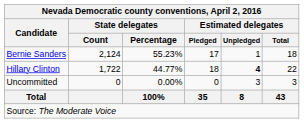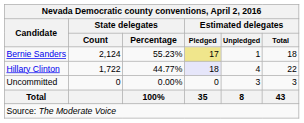 <table class="wikitable" style="text-align:right; font-size:12px;">
 <tr>
 <th colspan="6">Nevada Democratic county conventions, April 2, 2016</th>
 </tr>
 <tr>
 <th rowspan="2">Candidate</th>
 <th colspan="2">State delegates</th>
 <th colspan="3">Estimated delegates</th>
 </tr>
 <tr>
 <th style="width:70px;">Count</th>
 <th style="width:80px;">Percentage</th>
 <th style="width:45px;"><small>Pledged</small></th>
 <th style="width:45px;"><small>Unpledged</small></th>
 <th style="width:45px;"><small>Total</small></th>
 </tr>
 <tr>
 <td style="text-align:left;"><a href='#'>Bernie Sanders</a></td>
 <td>2,124</td>
 <td>55.23%</td>
-<td>17</td>
+<td style="background: khaki;">17</td>
 <td>1</td>
 <td>18</td>
 </tr>
 <tr>
 <td style="text-align:left;"><a href='#'>Hillary Clinton</a></td>
 <td>1,722</td>
 <td>44.77%</td>
-<td>18</td>
-<td><strong>4</strong></td>
+<td style="background: lavender;">18</td>
+<td>4</td>
 <td>22</td>
 </tr>
 <tr>
 <td style="text-align:left;">Uncommitted</td>
 <td>0</td>
 <td>0.00%</td>
 <td>0</td>
 <td>3</td>
 <td>3</td>
 </tr>
 <tr>
 <th>Total</th>
 <th></th>
 <th>100%</th>
 <th>35</th>
 <th>8</th>
 <th>43</th>
 </tr>
 <tr>
 <td colspan="6" style="text-align:left;">Source: <em>The Moderate Voice</em></td>
 </tr>
 </table>
